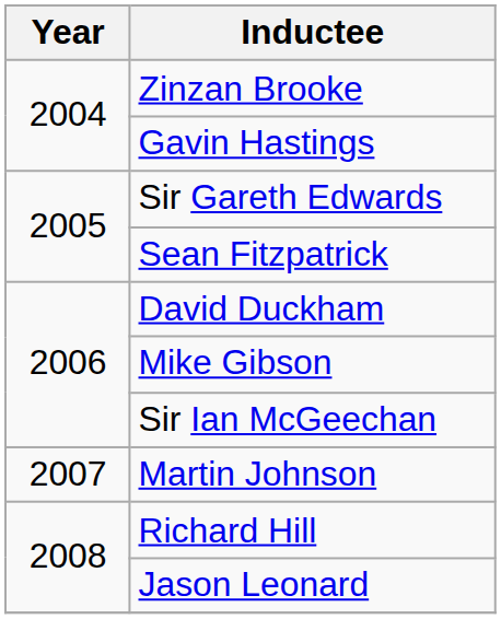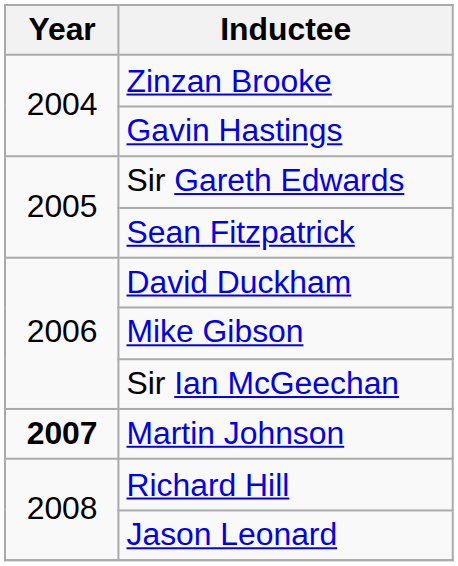 <table class="wikitable">
 <tr>
 <th width=50>Year</th>
 <th width=160>Inductee</th>
 </tr>
 <tr>
 <td align=center rowspan=2>2004</td>
 <td> <a href='#'>Zinzan Brooke</a></td>
 </tr>
 <tr>
 <td> <a href='#'>Gavin Hastings</a></td>
 </tr>
 <tr>
 <td align=center rowspan=2>2005</td>
 <td> Sir <a href='#'>Gareth Edwards</a></td>
 </tr>
 <tr>
 <td> <a href='#'>Sean Fitzpatrick</a></td>
 </tr>
 <tr>
 <td align=center rowspan=3>2006</td>
 <td> <a href='#'>David Duckham</a></td>
 </tr>
 <tr>
 <td> <a href='#'>Mike Gibson</a></td>
 </tr>
 <tr>
 <td> Sir <a href='#'>Ian McGeechan</a></td>
 </tr>
 <tr>
-<td align=center>2007</td>
+<td align=center><strong>2007</strong></td>
 <td> <a href='#'>Martin Johnson</a></td>
 </tr>
 <tr>
 <td align=center rowspan=2>2008</td>
 <td> <a href='#'>Richard Hill</a></td>
 </tr>
 <tr>
 <td> <a href='#'>Jason Leonard</a></td>
 </tr>
 <tr>
 </tr>
 </table>
